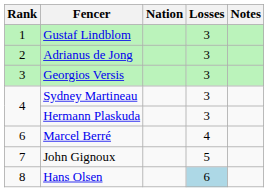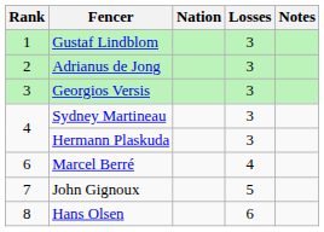 <table class="wikitable sortable" style="text-align:center">
 <tr>
 <th>Rank</th>
 <th>Fencer</th>
 <th>Nation</th>
 <th>Losses</th>
 <th>Notes</th>
 </tr>
 <tr bgcolor=bbf3bb>
 <td>1</td>
 <td align=left><a href='#'>Gustaf Lindblom</a></td>
 <td align=left></td>
 <td>3</td>
 <td></td>
 </tr>
 <tr bgcolor=bbf3bb>
 <td>2</td>
 <td align=left><a href='#'>Adrianus de Jong</a></td>
 <td align=left></td>
 <td>3</td>
 <td></td>
 </tr>
 <tr bgcolor=bbf3bb>
 <td>3</td>
 <td align=left><a href='#'>Georgios Versis</a></td>
 <td align=left></td>
 <td>3</td>
 <td></td>
 </tr>
 <tr>
 <td rowspan=2>4</td>
 <td align=left><a href='#'>Sydney Martineau</a></td>
 <td align=left></td>
 <td>3</td>
 <td></td>
 </tr>
 <tr>
 <td align=left><a href='#'>Hermann Plaskuda</a></td>
 <td align=left></td>
 <td>3</td>
 <td></td>
 </tr>
 <tr>
 <td>6</td>
 <td align=left><a href='#'>Marcel Berré</a></td>
 <td align=left></td>
 <td>4</td>
 <td></td>
 </tr>
 <tr>
 <td>7</td>
 <td align=left>John Gignoux</td>
 <td align=left></td>
 <td>5</td>
 <td></td>
 </tr>
 <tr>
 <td>8</td>
 <td align=left><a href='#'>Hans Olsen</a></td>
 <td align=left></td>
-<td style="background: lightblue;">6</td>
+<td>6</td>
 <td></td>
 </tr>
 </table>
